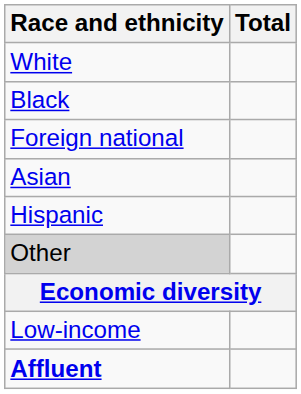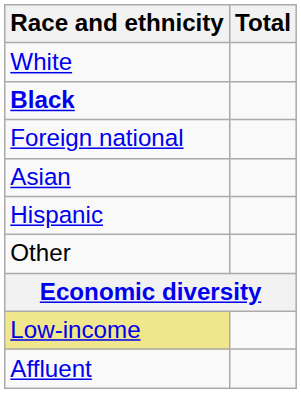 <table class="wikitable floatright sortable collapsible"; text-align:right; font-size:80%;">
 <tr>
 <th>Race and ethnicity</th>
 <th colspan="2" data-sort-type=number>Total</th>
 </tr>
 <tr>
 <td><a href='#'>White</a></td>
 <td align=right></td>
 </tr>
 <tr>
-<td><a href='#'>Black</a></td>
+<td><strong><a href='#'>Black</a></strong></td>
 <td align=right></td>
 </tr>
 <tr>
 <td><a href='#'>Foreign national</a></td>
 <td align=right></td>
 </tr>
 <tr>
 <td><a href='#'>Asian</a></td>
 <td align=right></td>
 </tr>
 <tr>
 <td><a href='#'>Hispanic</a></td>
 <td align=right></td>
 </tr>
 <tr>
-<td style="background: lightgrey;">Other</td>
+<td>Other</td>
 <td align=right></td>
 </tr>
 <tr>
 <th colspan="4" data-sort-type=number><a href='#'>Economic diversity</a></th>
 </tr>
 <tr>
-<td><a href='#'>Low-income</a></td>
+<td style="background: khaki;"><a href='#'>Low-income</a></td>
 <td align=right></td>
 </tr>
 <tr>
-<td><strong><a href='#'>Affluent</a></strong></td>
+<td><a href='#'>Affluent</a></td>
 <td align=right></td>
 </tr>
 </table>
